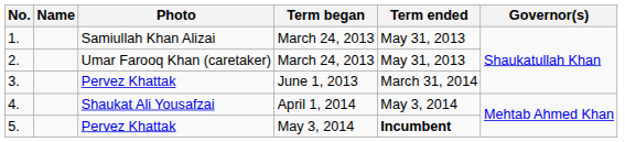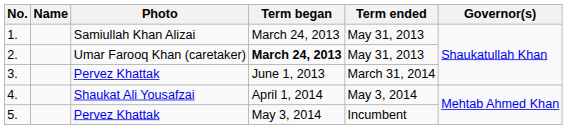 <table class="wikitable">
 <tr>
 <th>No.</th>
 <th>Name</th>
 <th>Photo</th>
 <th>Term began</th>
 <th>Term ended</th>
 <th>Governor(s)</th>
 </tr>
 <tr>
 <td>1.</td>
 <td></td>
 <td>Samiullah Khan Alizai</td>
 <td>March 24, 2013</td>
 <td>May 31, 2013</td>
 <td rowspan=4><a href='#'>Shaukatullah Khan</a></td>
 </tr>
 <tr>
 <td>2.</td>
 <td></td>
 <td>Umar Farooq Khan (caretaker)</td>
-<td>March 24, 2013</td>
+<td><strong>March 24, 2013</strong></td>
 <td>May 31, 2013</td>
 </tr>
 <tr>
 <td>3.</td>
 <td></td>
 <td><a href='#'>Pervez Khattak</a></td>
 <td>June 1, 2013</td>
 <td>March 31, 2014</td>
 </tr>
 <tr>
 <td rowspan=2>4.</td>
 <td rowspan=2></td>
 <td rowspan=2><a href='#'>Shaukat Ali Yousafzai</a></td>
 <td rowspan=2>April 1, 2014</td>
 <td rowspan=2>May 3, 2014</td>
 </tr>
 <tr>
 <td rowspan=2><a href='#'>Mehtab Ahmed Khan</a></td>
 </tr>
 <tr>
 <td>5.</td>
 <td></td>
 <td><a href='#'>Pervez Khattak</a></td>
 <td>May 3, 2014</td>
-<td><strong>Incumbent</strong></td>
+<td>Incumbent</td>
 </tr>
 </table>
